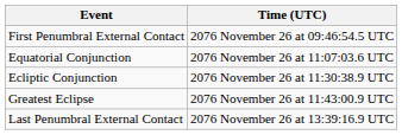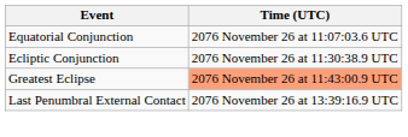 <table class="wikitable">
 <tr>
 <th>Event</th>
 <th>Time (UTC)</th>
-</tr>
-<tr>
-<td>First Penumbral External Contact</td>
-<td>2076 November 26 at 09:46:54.5 UTC</td>
 </tr>
 <tr>
 <td>Equatorial Conjunction</td>
 <td>2076 November 26 at 11:07:03.6 UTC</td>
 </tr>
 <tr>
 <td>Ecliptic Conjunction</td>
 <td>2076 November 26 at 11:30:38.9 UTC</td>
 </tr>
 <tr>
 <td>Greatest Eclipse</td>
-<td>2076 November 26 at 11:43:00.9 UTC</td>
+<td style="background: lightsalmon;">2076 November 26 at 11:43:00.9 UTC</td>
 </tr>
 <tr>
 <td>Last Penumbral External Contact</td>
 <td>2076 November 26 at 13:39:16.9 UTC</td>
 </tr>
 </table>
